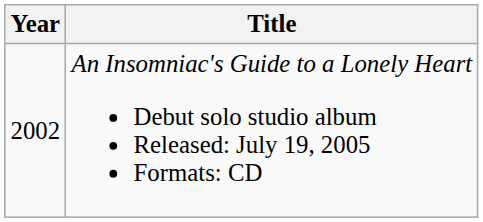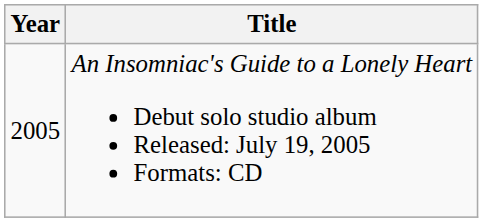 <table class="wikitable".>
 <tr>
 <th width="2">Year</th>
 <th>Title</th>
 </tr>
 <tr>
-<td>2002</td>
+<td>2005</td>
 <td><em>An Insomniac's Guide to a Lonely Heart</em><br><ul><li>Debut solo studio album</li><li>Released: July 19, 2005</li><li>Formats: CD</li></ul></td>
 </tr>
 </table>
